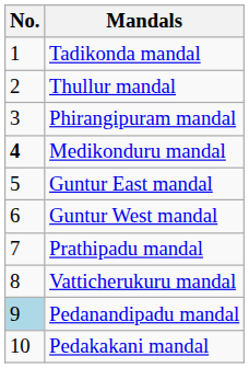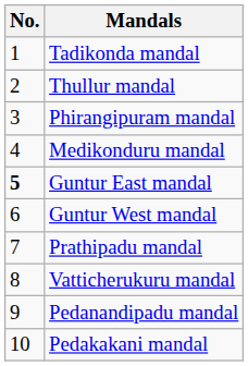 <table class="wikitable">
 <tr>
 <th>No.</th>
 <th>Mandals</th>
 </tr>
 <tr>
 <td>1</td>
 <td><a href='#'>Tadikonda mandal</a></td>
 </tr>
 <tr>
 <td>2</td>
 <td><a href='#'>Thullur mandal</a></td>
 </tr>
 <tr>
 <td>3</td>
 <td><a href='#'>Phirangipuram mandal</a></td>
 </tr>
 <tr>
-<td><strong>4</strong></td>
+<td>4</td>
 <td><a href='#'>Medikonduru mandal</a></td>
 </tr>
 <tr>
-<td>5</td>
+<td><strong>5</strong></td>
 <td><a href='#'>Guntur East mandal</a></td>
 </tr>
 <tr>
 <td>6</td>
 <td><a href='#'>Guntur West mandal</a></td>
 </tr>
 <tr>
 <td>7</td>
 <td><a href='#'>Prathipadu mandal</a></td>
 </tr>
 <tr>
 <td>8</td>
 <td><a href='#'>Vatticherukuru mandal</a></td>
 </tr>
 <tr>
-<td style="background: lightblue;">9</td>
+<td>9</td>
 <td><a href='#'>Pedanandipadu mandal</a></td>
 </tr>
 <tr>
 <td>10</td>
 <td><a href='#'>Pedakakani mandal</a></td>
 </tr>
 </table>
